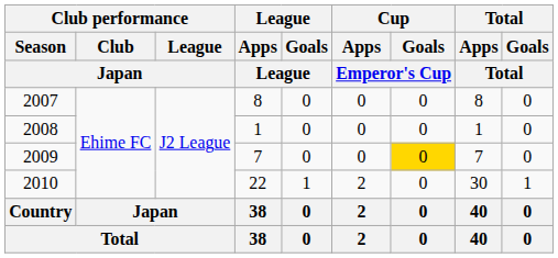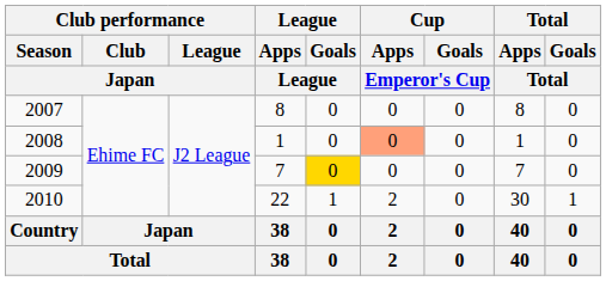 <table class="wikitable" style="text-align:center;">
 <tr>
 <th colspan=3>Club performance</th>
 <th colspan=2>League</th>
 <th colspan=2>Cup</th>
 <th colspan=2>Total</th>
 </tr>
 <tr>
 <th>Season</th>
 <th>Club</th>
 <th>League</th>
 <th>Apps</th>
 <th>Goals</th>
 <th>Apps</th>
 <th>Goals</th>
 <th>Apps</th>
 <th>Goals</th>
 </tr>
 <tr>
 <th colspan=3>Japan</th>
 <th colspan=2>League</th>
 <th colspan=2><a href='#'>Emperor's Cup</a></th>
 <th colspan=2>Total</th>
 </tr>
 <tr>
 <td>2007</td>
 <td rowspan="4"><a href='#'>Ehime FC</a></td>
 <td rowspan="4"><a href='#'>J2 League</a></td>
 <td>8</td>
 <td>0</td>
 <td>0</td>
 <td>0</td>
 <td>8</td>
 <td>0</td>
 </tr>
 <tr>
 <td>2008</td>
 <td>1</td>
 <td>0</td>
-<td>0</td>
+<td style="background: lightsalmon;">0</td>
 <td>0</td>
 <td>1</td>
 <td>0</td>
 </tr>
 <tr>
 <td>2009</td>
 <td>7</td>
+<td style="background: gold;">0</td>
 <td>0</td>
 <td>0</td>
-<td style="background: gold;">0</td>
 <td>7</td>
 <td>0</td>
 </tr>
 <tr>
 <td>2010</td>
 <td>22</td>
 <td>1</td>
 <td>2</td>
 <td>0</td>
 <td>30</td>
 <td>1</td>
 </tr>
 <tr>
 <th rowspan=1>Country</th>
 <th colspan=2>Japan</th>
 <th>38</th>
 <th>0</th>
 <th>2</th>
 <th>0</th>
 <th>40</th>
 <th>0</th>
 </tr>
 <tr>
 <th colspan=3>Total</th>
 <th>38</th>
 <th>0</th>
 <th>2</th>
 <th>0</th>
 <th>40</th>
 <th>0</th>
 </tr>
 </table>
